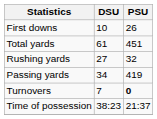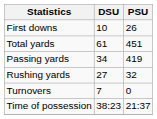 <table class="wikitable">
 <tr>
 <th>Statistics</th>
 <th>DSU</th>
 <th>PSU</th>
 </tr>
 <tr>
 <td>First downs</td>
 <td>10</td>
 <td>26</td>
 </tr>
 <tr>
 <td>Total yards</td>
 <td>61</td>
 <td>451</td>
 </tr>
 <tr>
+<td>Passing yards</td>
+<td>34</td>
+<td>419</td>
+</tr>
+<tr>
 <td>Rushing yards</td>
 <td>27</td>
 <td>32</td>
 </tr>
 <tr>
-<td>Passing yards</td>
-<td>34</td>
-<td>419</td>
-</tr>
-<tr>
 <td>Turnovers</td>
 <td>7</td>
-<td><strong>0</strong></td>
+<td>0</td>
 </tr>
 <tr>
 <td>Time of possession</td>
 <td>38:23</td>
 <td>21:37</td>
 </tr>
 <tr>
 </tr>
 </table>
